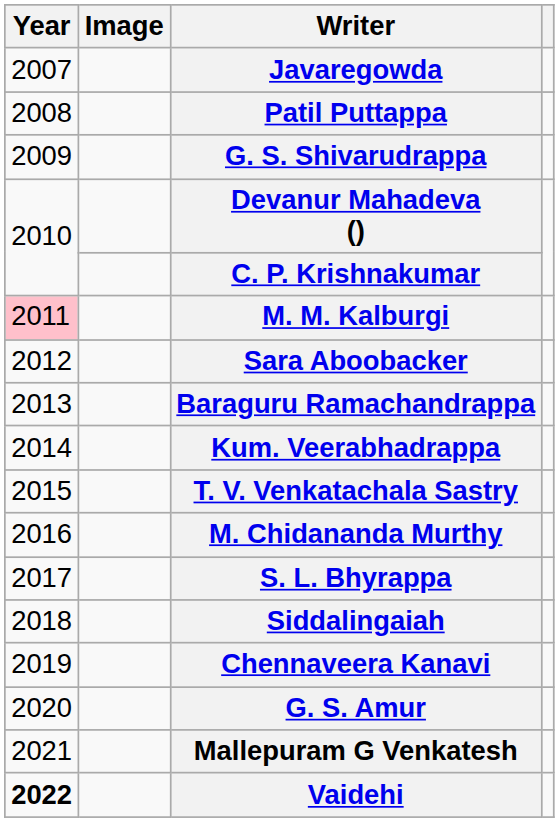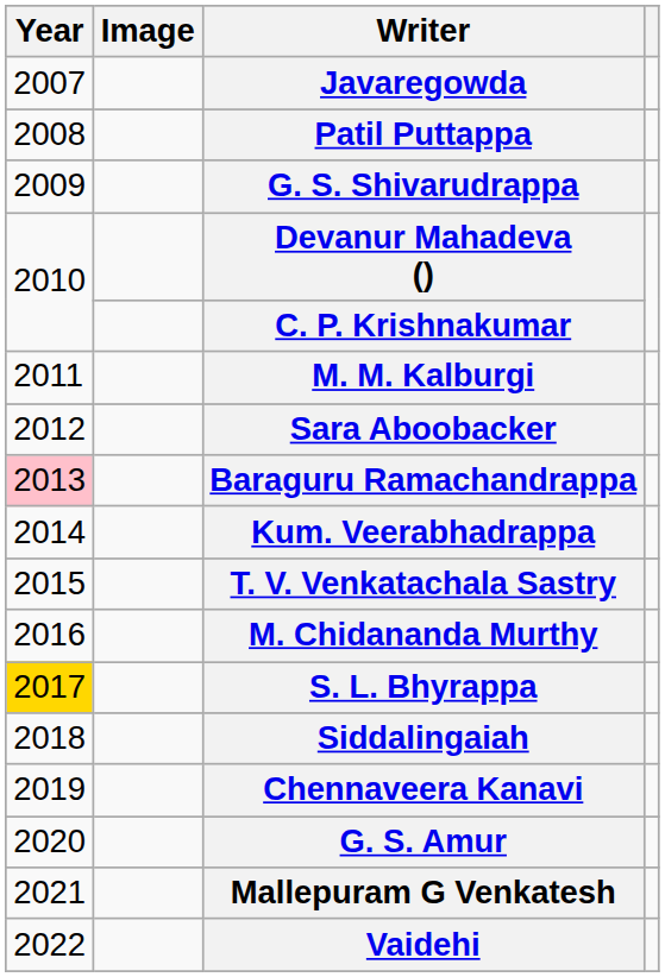 <table class="wikitable sortable">
 <tr>
 <th>Year</th>
 <th>Image</th>
 <th>Writer</th>
 <th class="unsortable"></th>
 </tr>
 <tr>
 <td>2007</td>
 <td></td>
 <th><a href='#'>Javaregowda</a></th>
 <td style="text-align:center;"></td>
 </tr>
 <tr>
 <td>2008</td>
 <td></td>
 <th><a href='#'>Patil Puttappa</a></th>
 <td style="text-align:center;"></td>
 </tr>
 <tr>
 <td>2009</td>
 <td></td>
 <th><a href='#'>G. S. Shivarudrappa</a></th>
 <td style="text-align:center;"></td>
 </tr>
 <tr>
 <td rowspan=2>2010</td>
 <td></td>
 <th><a href='#'>Devanur Mahadeva</a> <br>()</th>
 <td style="text-align:center;" rowspan=2></td>
 </tr>
 <tr>
 <td></td>
 <th><a href='#'>C. P. Krishnakumar</a></th>
 </tr>
 <tr>
-<td style="background: pink;">2011</td>
+<td>2011</td>
 <td></td>
 <th><a href='#'>M. M. Kalburgi</a></th>
 <td style="text-align:center;"></td>
 </tr>
 <tr>
 <td>2012</td>
 <td></td>
 <th><a href='#'>Sara Aboobacker</a></th>
 <td style="text-align:center;"></td>
 </tr>
 <tr>
-<td>2013</td>
+<td style="background: pink;">2013</td>
 <td></td>
 <th><a href='#'>Baraguru Ramachandrappa</a></th>
 <td style="text-align:center;"></td>
 </tr>
 <tr>
 <td>2014</td>
 <td></td>
 <th><a href='#'>Kum. Veerabhadrappa</a></th>
 <td style="text-align:center;"></td>
 </tr>
 <tr>
 <td>2015</td>
 <td></td>
 <th><a href='#'>T. V. Venkatachala Sastry</a></th>
 <td style="text-align:center;"></td>
 </tr>
 <tr>
 <td>2016</td>
 <td></td>
 <th><a href='#'>M. Chidananda Murthy</a></th>
 <td style="text-align:center;"></td>
 </tr>
 <tr>
-<td>2017</td>
+<td style="background: gold;">2017</td>
 <td></td>
 <th><a href='#'>S. L. Bhyrappa</a></th>
 <td style="text-align:center;"></td>
 </tr>
 <tr>
 <td>2018</td>
 <td></td>
 <th><a href='#'>Siddalingaiah</a></th>
 <td style="text-align:center;"></td>
 </tr>
 <tr>
 <td>2019</td>
 <td></td>
 <th><a href='#'>Chennaveera Kanavi</a></th>
 <td style="text-align:center;"></td>
 </tr>
 <tr>
 <td>2020</td>
 <td></td>
 <th><a href='#'>G. S. Amur</a></th>
 <td style="text-align:center;"></td>
 </tr>
 <tr>
 <td>2021</td>
 <td></td>
 <th>Mallepuram G Venkatesh</th>
 <td></td>
 </tr>
 <tr>
-<td><strong>2022</strong></td>
+<td>2022</td>
 <td></td>
 <th><a href='#'>Vaidehi</a></th>
 <td></td>
 </tr>
 </table>
